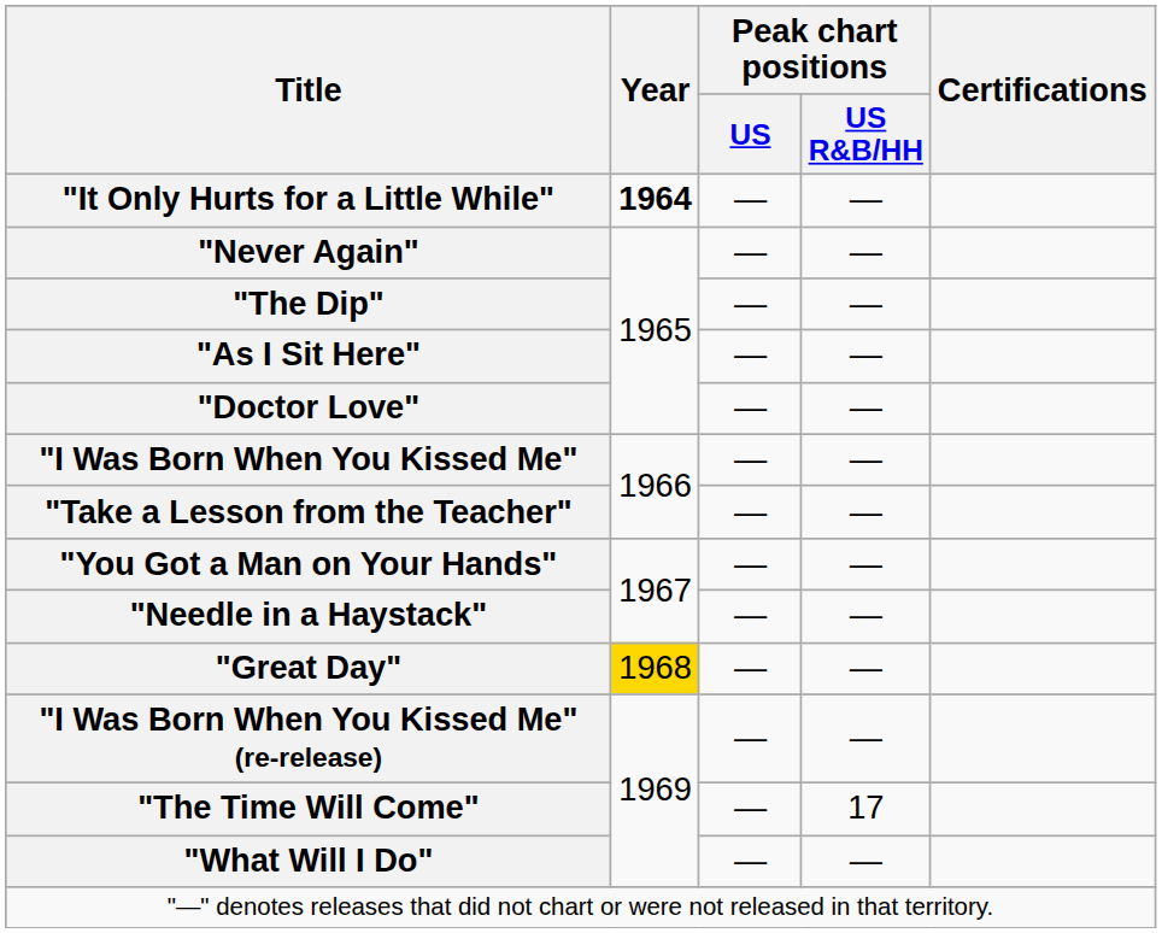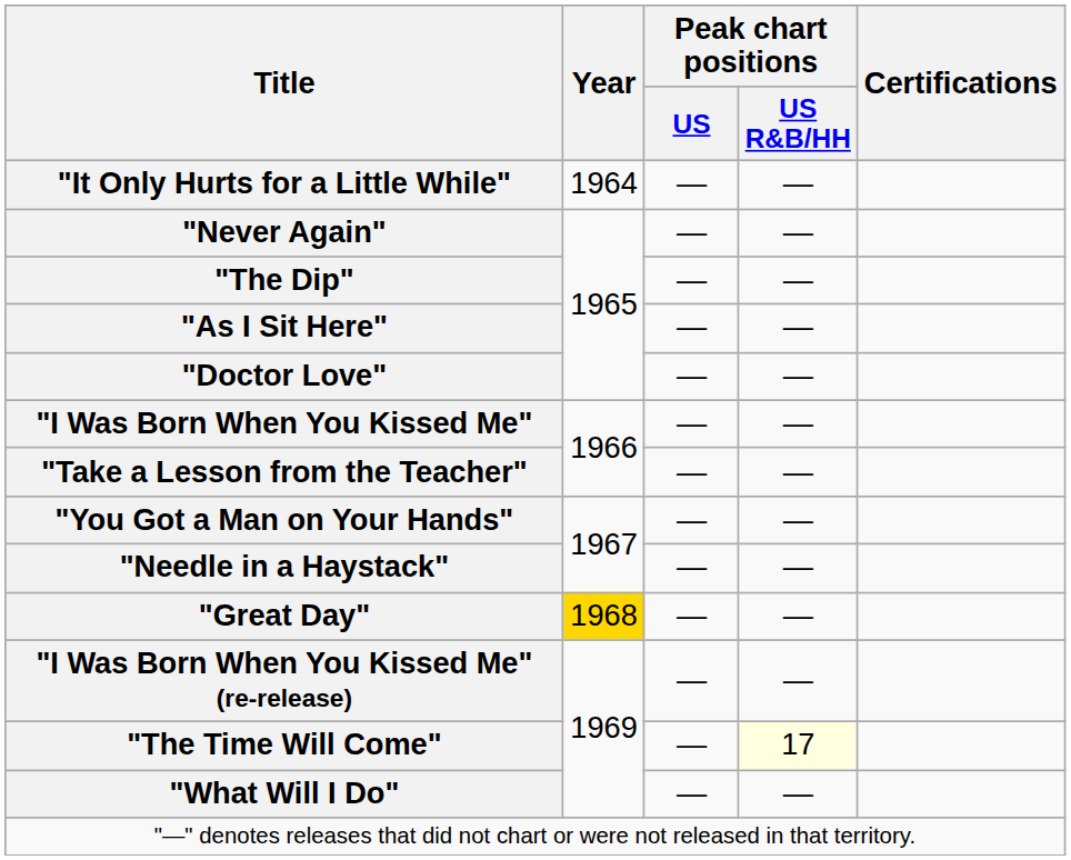 <table class="wikitable plainrowheaders" style="text-align:center;">
 <tr>
 <th scope="col" rowspan="2" style="width:18em;">Title</th>
 <th scope="col" rowspan="2">Year</th>
 <th colspan="2" scope="col">Peak chart positions</th>
 <th scope="col" rowspan="2">Certifications</th>
 </tr>
 <tr>
 <th scope="col" style="width:3em;font-size:90%;"><a href='#'>US</a><br></th>
 <th scope="col" style="width:3em;font-size:90%;"><a href='#'>US<br>R&B/HH</a><br></th>
 </tr>
 <tr>
 <th scope="row">"It Only Hurts for a Little While"</th>
-<td><strong>1964</strong></td>
+<td>1964</td>
 <td>—</td>
 <td>—</td>
 <td></td>
 </tr>
 <tr>
 <th scope="row">"Never Again"</th>
 <td Rowspan="4">1965</td>
 <td>—</td>
 <td>—</td>
 <td></td>
 </tr>
 <tr>
 <th scope="row">"The Dip"</th>
 <td>—</td>
 <td>—</td>
 <td></td>
 </tr>
 <tr>
 <th scope="row">"As I Sit Here"</th>
 <td>—</td>
 <td>—</td>
 <td></td>
 </tr>
 <tr>
 <th scope="row">"Doctor Love"</th>
 <td>—</td>
 <td>—</td>
 <td></td>
 </tr>
 <tr>
 <th scope="row">"I Was Born When You Kissed Me"</th>
 <td rowspan="2">1966</td>
 <td>—</td>
 <td>—</td>
 <td></td>
 </tr>
 <tr>
 <th scope="row">"Take a Lesson from the Teacher"</th>
 <td>—</td>
 <td>—</td>
 <td></td>
 </tr>
 <tr>
 <th scope="row">"You Got a Man on Your Hands"</th>
 <td rowspan="2">1967</td>
 <td>—</td>
 <td>—</td>
 <td></td>
 </tr>
 <tr>
 <th scope="row">"Needle in a Haystack"</th>
 <td>—</td>
 <td>—</td>
 <td></td>
 </tr>
 <tr>
 <th scope="row">"Great Day"</th>
 <td style="background: gold;">1968</td>
 <td>—</td>
 <td>—</td>
 <td></td>
 </tr>
 <tr>
 <th scope="row">"I Was Born When You Kissed Me" <small>(re-release)</small></th>
 <td rowspan="3">1969</td>
 <td>—</td>
 <td>—</td>
 <td></td>
 </tr>
 <tr>
 <th scope="row">"The Time Will Come"</th>
 <td>—</td>
-<td>17</td>
+<td style="background: lightyellow;">17</td>
 <td></td>
 </tr>
 <tr>
 <th scope="row">"What Will I Do"</th>
 <td>—</td>
 <td>—</td>
 <td></td>
 </tr>
 <tr>
 <td colspan="5" style="text-align:center; font-size:9pt;">"—" denotes releases that did not chart or were not released in that territory.</td>
 </tr>
 </table>
